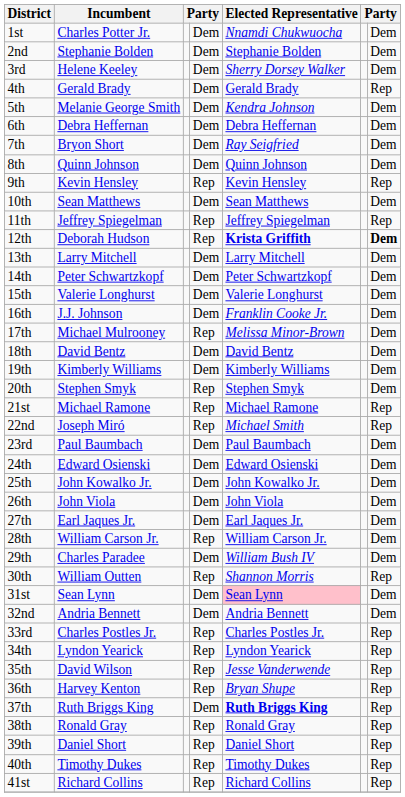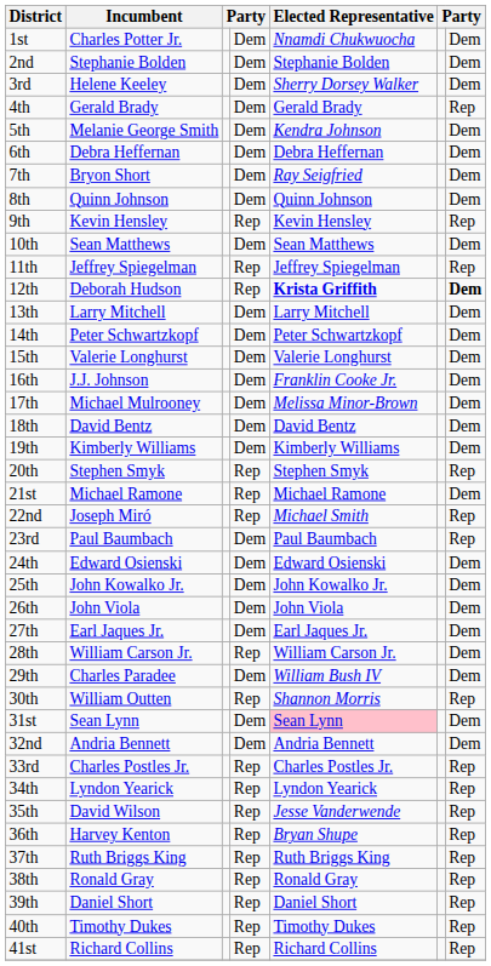 <table class="sortable wikitable" style="font-size:95%;line-height:14px;">
 <tr>
 <th class="sortable">District</th>
 <th class="unsortable">Incumbent</th>
 <th colspan="2">Party</th>
 <th class="unsortable">Elected Representative</th>
 <th colspan="2">Party</th>
 </tr>
 <tr>
 <td>1st</td>
 <td><a href='#'>Charles Potter Jr.</a></td>
 <td style="background:"></td>
 <td>Dem</td>
 <td><em><a href='#'>Nnamdi Chukwuocha</a></em></td>
 <td style="background:"></td>
 <td>Dem</td>
 </tr>
 <tr>
 <td>2nd</td>
 <td><a href='#'>Stephanie Bolden</a></td>
 <td style="background:"></td>
 <td>Dem</td>
 <td><a href='#'>Stephanie Bolden</a></td>
 <td style="background:"></td>
 <td>Dem</td>
 </tr>
 <tr>
 <td>3rd</td>
 <td><a href='#'>Helene Keeley</a></td>
 <td style="background:"></td>
 <td>Dem</td>
 <td><em><a href='#'>Sherry Dorsey Walker</a></em></td>
 <td style="background:"></td>
 <td>Dem</td>
 </tr>
 <tr>
 <td>4th</td>
 <td><a href='#'>Gerald Brady</a></td>
 <td style="background:"></td>
 <td>Dem</td>
 <td><a href='#'>Gerald Brady</a></td>
 <td style="background:"></td>
 <td>Rep</td>
 </tr>
 <tr>
 <td>5th</td>
 <td><a href='#'>Melanie George Smith</a></td>
 <td style="background:"></td>
 <td>Dem</td>
 <td><em><a href='#'>Kendra Johnson</a></em></td>
 <td style="background:"></td>
 <td>Dem</td>
 </tr>
 <tr>
 <td>6th</td>
 <td><a href='#'>Debra Heffernan</a></td>
 <td style="background:"></td>
 <td>Dem</td>
 <td><a href='#'>Debra Heffernan</a></td>
 <td style="background:"></td>
 <td>Dem</td>
 </tr>
 <tr>
 <td>7th</td>
 <td><a href='#'>Bryon Short</a></td>
 <td style="background:"></td>
 <td>Dem</td>
 <td><em><a href='#'>Ray Seigfried</a></em></td>
 <td style="background:"></td>
 <td>Dem</td>
 </tr>
 <tr>
 <td>8th</td>
 <td><a href='#'>Quinn Johnson</a></td>
 <td style="background:"></td>
 <td>Dem</td>
 <td><a href='#'>Quinn Johnson</a></td>
 <td style="background:"></td>
 <td>Dem</td>
 </tr>
 <tr>
 <td>9th</td>
 <td><a href='#'>Kevin Hensley</a></td>
 <td style="background:"></td>
 <td>Rep</td>
 <td><a href='#'>Kevin Hensley</a></td>
 <td style="background:"></td>
 <td>Rep</td>
 </tr>
 <tr>
 <td>10th</td>
 <td><a href='#'>Sean Matthews</a></td>
 <td style="background:"></td>
 <td>Dem</td>
 <td><a href='#'>Sean Matthews</a></td>
 <td style="background:"></td>
 <td>Dem</td>
 </tr>
 <tr>
 <td>11th</td>
 <td><a href='#'>Jeffrey Spiegelman</a></td>
 <td style="background:"></td>
 <td>Rep</td>
 <td><a href='#'>Jeffrey Spiegelman</a></td>
 <td style="background:"></td>
 <td>Rep</td>
 </tr>
 <tr>
 <td>12th</td>
 <td><a href='#'>Deborah Hudson</a></td>
 <td style="background:"></td>
 <td>Rep</td>
 <td><strong><a href='#'>Krista Griffith</a></strong></td>
 <td style="background:"></td>
 <td><strong>Dem</strong></td>
 </tr>
 <tr>
 <td>13th</td>
 <td><a href='#'>Larry Mitchell</a></td>
 <td style="background:"></td>
 <td>Dem</td>
 <td><a href='#'>Larry Mitchell</a></td>
 <td style="background:"></td>
 <td>Dem</td>
 </tr>
 <tr>
 <td>14th</td>
 <td><a href='#'>Peter Schwartzkopf</a></td>
 <td style="background:"></td>
 <td>Dem</td>
 <td><a href='#'>Peter Schwartzkopf</a></td>
 <td style="background:"></td>
 <td>Dem</td>
 </tr>
 <tr>
 <td>15th</td>
 <td><a href='#'>Valerie Longhurst</a></td>
 <td style="background:"></td>
 <td>Dem</td>
 <td><a href='#'>Valerie Longhurst</a></td>
 <td style="background:"></td>
 <td>Dem</td>
 </tr>
 <tr>
 <td>16th</td>
 <td><a href='#'>J.J. Johnson</a></td>
 <td style="background:"></td>
 <td>Dem</td>
 <td><em><a href='#'>Franklin Cooke Jr.</a></em></td>
 <td style="background:"></td>
 <td>Dem</td>
 </tr>
 <tr>
 <td>17th</td>
 <td><a href='#'>Michael Mulrooney</a></td>
 <td style="background:"></td>
-<td>Rep</td>
+<td>Dem</td>
 <td><em><a href='#'>Melissa Minor-Brown</a></em></td>
 <td style="background:"></td>
 <td>Dem</td>
 </tr>
 <tr>
 <td>18th</td>
 <td><a href='#'>David Bentz</a></td>
 <td style="background:"></td>
 <td>Dem</td>
 <td><a href='#'>David Bentz</a></td>
 <td style="background:"></td>
 <td>Dem</td>
 </tr>
 <tr>
 <td>19th</td>
 <td><a href='#'>Kimberly Williams</a></td>
 <td style="background:"></td>
 <td>Dem</td>
 <td><a href='#'>Kimberly Williams</a></td>
 <td style="background:"></td>
 <td>Dem</td>
 </tr>
 <tr>
 <td>20th</td>
 <td><a href='#'>Stephen Smyk</a></td>
 <td style="background:"></td>
 <td>Rep</td>
 <td><a href='#'>Stephen Smyk</a></td>
 <td style="background:"></td>
-<td>Dem</td>
+<td>Rep</td>
 </tr>
 <tr>
 <td>21st</td>
 <td><a href='#'>Michael Ramone</a></td>
 <td style="background:"></td>
 <td>Rep</td>
 <td><a href='#'>Michael Ramone</a></td>
 <td style="background:"></td>
-<td>Rep</td>
+<td>Dem</td>
 </tr>
 <tr>
 <td>22nd</td>
 <td><a href='#'>Joseph Miró</a></td>
 <td style="background:"></td>
 <td>Rep</td>
 <td><em><a href='#'>Michael Smith</a></em></td>
 <td style="background:"></td>
 <td>Rep</td>
 </tr>
 <tr>
 <td>23rd</td>
 <td><a href='#'>Paul Baumbach</a></td>
 <td style="background:"></td>
 <td>Dem</td>
 <td><a href='#'>Paul Baumbach</a></td>
 <td style="background:"></td>
-<td>Dem</td>
+<td>Rep</td>
 </tr>
 <tr>
 <td>24th</td>
 <td><a href='#'>Edward Osienski</a></td>
 <td style="background:"></td>
 <td>Dem</td>
 <td><a href='#'>Edward Osienski</a></td>
 <td style="background:"></td>
 <td>Dem</td>
 </tr>
 <tr>
 <td>25th</td>
 <td><a href='#'>John Kowalko Jr.</a></td>
 <td style="background:"></td>
 <td>Dem</td>
 <td><a href='#'>John Kowalko Jr.</a></td>
 <td style="background:"></td>
 <td>Dem</td>
 </tr>
 <tr>
 <td>26th</td>
 <td><a href='#'>John Viola</a></td>
 <td style="background:"></td>
 <td>Dem</td>
 <td><a href='#'>John Viola</a></td>
 <td style="background:"></td>
 <td>Dem</td>
 </tr>
 <tr>
 <td>27th</td>
 <td><a href='#'>Earl Jaques Jr.</a></td>
 <td style="background:"></td>
 <td>Dem</td>
 <td><a href='#'>Earl Jaques Jr.</a></td>
 <td style="background:"></td>
 <td>Dem</td>
 </tr>
 <tr>
 <td>28th</td>
 <td><a href='#'>William Carson Jr.</a></td>
 <td style="background:"></td>
 <td>Rep</td>
 <td><a href='#'>William Carson Jr.</a></td>
 <td style="background:"></td>
 <td>Dem</td>
 </tr>
 <tr>
 <td>29th</td>
 <td><a href='#'>Charles Paradee</a></td>
 <td style="background:"></td>
 <td>Dem</td>
 <td><em><a href='#'>William Bush IV</a></em></td>
 <td style="background:"></td>
 <td>Dem</td>
 </tr>
 <tr>
 <td>30th</td>
 <td><a href='#'>William Outten</a></td>
 <td style="background:"></td>
 <td>Rep</td>
 <td><em><a href='#'>Shannon Morris</a></em></td>
 <td style="background:"></td>
 <td>Rep</td>
 </tr>
 <tr>
 <td>31st</td>
 <td><a href='#'>Sean Lynn</a></td>
 <td style="background:"></td>
 <td>Dem</td>
 <td style="background: pink;"><a href='#'>Sean Lynn</a></td>
 <td style="background:"></td>
 <td>Dem</td>
 </tr>
 <tr>
 <td>32nd</td>
 <td><a href='#'>Andria Bennett</a></td>
 <td style="background:"></td>
 <td>Dem</td>
 <td><a href='#'>Andria Bennett</a></td>
 <td style="background:"></td>
 <td>Dem</td>
 </tr>
 <tr>
 <td>33rd</td>
 <td><a href='#'>Charles Postles Jr.</a></td>
 <td style="background:"></td>
 <td>Rep</td>
 <td><a href='#'>Charles Postles Jr.</a></td>
 <td style="background:"></td>
 <td>Rep</td>
 </tr>
 <tr>
 <td>34th</td>
 <td><a href='#'>Lyndon Yearick</a></td>
 <td style="background:"></td>
 <td>Rep</td>
 <td><a href='#'>Lyndon Yearick</a></td>
 <td style="background:"></td>
 <td>Rep</td>
 </tr>
 <tr>
 <td>35th</td>
 <td><a href='#'>David Wilson</a></td>
 <td style="background:"></td>
 <td>Rep</td>
 <td><em><a href='#'>Jesse Vanderwende</a></em></td>
 <td style="background:"></td>
 <td>Rep</td>
 </tr>
 <tr>
 <td>36th</td>
 <td><a href='#'>Harvey Kenton</a></td>
 <td style="background:"></td>
 <td>Rep</td>
 <td><em><a href='#'>Bryan Shupe</a></em></td>
 <td style="background:"></td>
 <td>Rep</td>
 </tr>
 <tr>
 <td>37th</td>
 <td><a href='#'>Ruth Briggs King</a></td>
 <td style="background:"></td>
-<td>Dem</td>
-<td><strong><a href='#'>Ruth Briggs King</a></strong></td>
+<td>Rep</td>
+<td><a href='#'>Ruth Briggs King</a></td>
 <td style="background:"></td>
 <td>Rep</td>
 </tr>
 <tr>
 <td>38th</td>
 <td><a href='#'>Ronald Gray</a></td>
 <td style="background:"></td>
 <td>Rep</td>
 <td><a href='#'>Ronald Gray</a></td>
 <td style="background:"></td>
 <td>Rep</td>
 </tr>
 <tr>
 <td>39th</td>
 <td><a href='#'>Daniel Short</a></td>
 <td style="background:"></td>
 <td>Rep</td>
 <td><a href='#'>Daniel Short</a></td>
 <td style="background:"></td>
 <td>Rep</td>
 </tr>
 <tr>
 <td>40th</td>
 <td><a href='#'>Timothy Dukes</a></td>
 <td style="background:"></td>
 <td>Rep</td>
 <td><a href='#'>Timothy Dukes</a></td>
 <td style="background:"></td>
 <td>Rep</td>
 </tr>
 <tr>
 <td>41st</td>
 <td><a href='#'>Richard Collins</a></td>
 <td style="background:"></td>
 <td>Rep</td>
 <td><a href='#'>Richard Collins</a></td>
 <td style="background:"></td>
 <td>Rep</td>
 </tr>
 <tr>
 </tr>
 </table>
